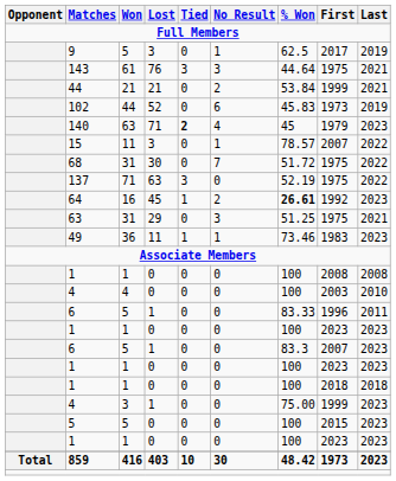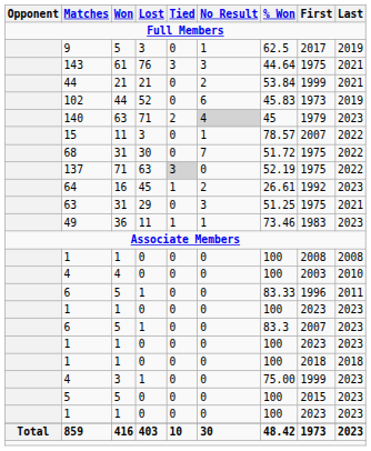 <table class="wikitable plainrowheaders sortable">
 <tr>
 <th scope="col">Opponent</th>
 <th scope="col"><a href='#'>Matches</a></th>
 <th scope="col"><a href='#'>Won</a></th>
 <th scope="col"><a href='#'>Lost</a></th>
 <th scope="col"><a href='#'>Tied</a></th>
 <th scope="col"><a href='#'>No Result</a></th>
 <th scope="col"><a href='#'>% Won</a></th>
 <th scope="col">First</th>
 <th scope="col">Last</th>
 </tr>
 <tr>
 <td style="text-align: center;" colspan="9"><strong><a href='#'>Full Members</a></strong></td>
 </tr>
 <tr>
 <th scope=row></th>
 <td>9</td>
 <td>5</td>
 <td>3</td>
 <td>0</td>
 <td>1</td>
 <td>62.5</td>
 <td>2017</td>
 <td>2019</td>
 </tr>
 <tr>
 <th scope=row></th>
 <td>143</td>
 <td>61</td>
 <td>76</td>
 <td>3</td>
 <td>3</td>
 <td>44.64</td>
 <td>1975</td>
 <td>2021</td>
 </tr>
 <tr>
 <th scope=row></th>
 <td>44</td>
 <td>21</td>
 <td>21</td>
 <td>0</td>
 <td>2</td>
 <td>53.84</td>
 <td>1999</td>
 <td>2021</td>
 </tr>
 <tr>
 <th scope=row></th>
 <td>102</td>
 <td>44</td>
 <td>52</td>
 <td>0</td>
 <td>6</td>
 <td>45.83</td>
 <td>1973</td>
 <td>2019</td>
 </tr>
 <tr>
 <th scope=row></th>
 <td>140</td>
 <td>63</td>
 <td>71</td>
-<td><strong>2</strong></td>
-<td>4</td>
+<td>2</td>
+<td style="background: lightgrey;">4</td>
 <td>45</td>
 <td>1979</td>
 <td>2023</td>
 </tr>
 <tr>
 <th scope=row></th>
 <td>15</td>
 <td>11</td>
 <td>3</td>
 <td>0</td>
 <td>1</td>
 <td>78.57</td>
 <td>2007</td>
 <td>2022</td>
 </tr>
 <tr>
 <th scope=row></th>
 <td>68</td>
 <td>31</td>
 <td>30</td>
 <td>0</td>
 <td>7</td>
 <td>51.72</td>
 <td>1975</td>
 <td>2022</td>
 </tr>
 <tr>
 <th scope=row></th>
 <td>137</td>
 <td>71</td>
 <td>63</td>
-<td>3</td>
+<td style="background: lightgrey;">3</td>
 <td>0</td>
 <td>52.19</td>
 <td>1975</td>
 <td>2022</td>
 </tr>
 <tr>
 <th scope=row></th>
 <td>64</td>
 <td>16</td>
 <td>45</td>
 <td>1</td>
 <td>2</td>
-<td><strong>26.61</strong></td>
+<td>26.61</td>
 <td>1992</td>
 <td>2023</td>
 </tr>
 <tr>
 <th scope=row></th>
 <td>63</td>
 <td>31</td>
 <td>29</td>
 <td>0</td>
 <td>3</td>
 <td>51.25</td>
 <td>1975</td>
 <td>2021</td>
 </tr>
 <tr>
 <th scope=row></th>
 <td>49</td>
 <td>36</td>
 <td>11</td>
 <td>1</td>
 <td>1</td>
 <td>73.46</td>
 <td>1983</td>
 <td>2023</td>
 </tr>
 <tr>
 <td colspan="10" style="text-align: center;"><strong><a href='#'>Associate Members</a></strong></td>
 </tr>
 <tr>
 <th scope=row></th>
 <td>1</td>
 <td>1</td>
 <td>0</td>
 <td>0</td>
 <td>0</td>
 <td>100</td>
 <td>2008</td>
 <td>2008</td>
 </tr>
 <tr>
 <th scope=row></th>
 <td>4</td>
 <td>4</td>
 <td>0</td>
 <td>0</td>
 <td>0</td>
 <td>100</td>
 <td>2003</td>
 <td>2010</td>
 </tr>
 <tr>
 <th scope=row></th>
 <td>6</td>
 <td>5</td>
 <td>1</td>
 <td>0</td>
 <td>0</td>
 <td>83.33</td>
 <td>1996</td>
 <td>2011</td>
 </tr>
 <tr>
 <th scope=row></th>
 <td>1</td>
 <td>1</td>
 <td>0</td>
 <td>0</td>
 <td>0</td>
 <td>100</td>
 <td>2023</td>
 <td>2023</td>
 </tr>
 <tr>
 <th scope=row></th>
 <td>6</td>
 <td>5</td>
 <td>1</td>
 <td>0</td>
 <td>0</td>
 <td>83.3</td>
 <td>2007</td>
 <td>2023</td>
 </tr>
 <tr>
 <th scope=row></th>
 <td>1</td>
 <td>1</td>
 <td>0</td>
 <td>0</td>
 <td>0</td>
 <td>100</td>
 <td>2023</td>
 <td>2023</td>
 </tr>
 <tr>
 <th scope=row></th>
 <td>1</td>
 <td>1</td>
 <td>0</td>
 <td>0</td>
 <td>0</td>
 <td>100</td>
 <td>2018</td>
 <td>2018</td>
 </tr>
 <tr>
 <th scope=row></th>
 <td>4</td>
 <td>3</td>
 <td>1</td>
 <td>0</td>
 <td>0</td>
 <td>75.00</td>
 <td>1999</td>
 <td>2023</td>
 </tr>
 <tr>
 <th scope=row></th>
 <td>5</td>
 <td>5</td>
 <td>0</td>
 <td>0</td>
 <td>0</td>
 <td>100</td>
 <td>2015</td>
 <td>2023</td>
 </tr>
 <tr>
 <th scope=row></th>
 <td>1</td>
 <td>1</td>
 <td>0</td>
 <td>0</td>
 <td>0</td>
 <td>100</td>
 <td>2023</td>
 <td>2023</td>
 </tr>
 <tr>
 </tr>
 <tr class="sortbottom">
 <th scope="row" style="text-align:center"><strong>Total</strong></th>
 <td><strong>859</strong></td>
 <td><strong>416</strong></td>
 <td><strong>403</strong></td>
 <td><strong>10</strong></td>
 <td><strong>30</strong></td>
 <td><strong>48.42</strong></td>
 <td><strong>1973</strong></td>
 <td><strong>2023</strong></td>
 </tr>
 <tr>
 <td colspan=10></td>
 </tr>
 </table>
